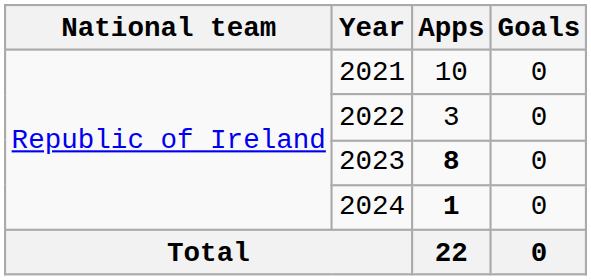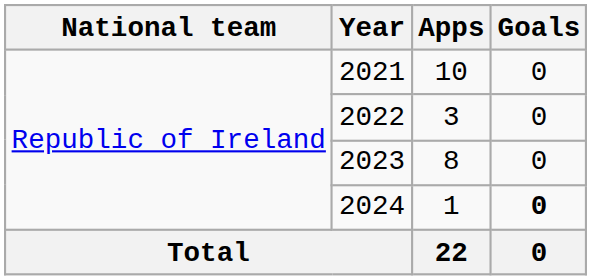 <table class=wikitable style=text-align:center>
 <tr>
 <th>National team</th>
 <th>Year</th>
 <th>Apps</th>
 <th>Goals</th>
 </tr>
 <tr>
 <td rowspan="4"><a href='#'>Republic of Ireland</a></td>
 <td>2021</td>
 <td>10</td>
 <td>0</td>
 </tr>
 <tr>
 <td>2022</td>
 <td>3</td>
 <td>0</td>
 </tr>
 <tr>
 <td>2023</td>
-<td><strong>8</strong></td>
+<td>8</td>
 <td>0</td>
 </tr>
 <tr>
 <td>2024</td>
-<td><strong>1</strong></td>
-<td>0</td>
+<td>1</td>
+<td><strong>0</strong></td>
 </tr>
 <tr>
 <th colspan="2">Total</th>
 <th>22</th>
 <th>0</th>
 </tr>
 </table>
